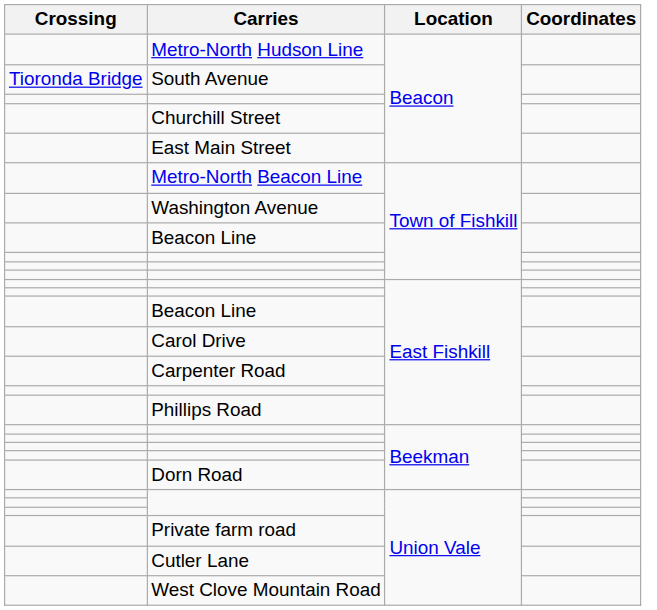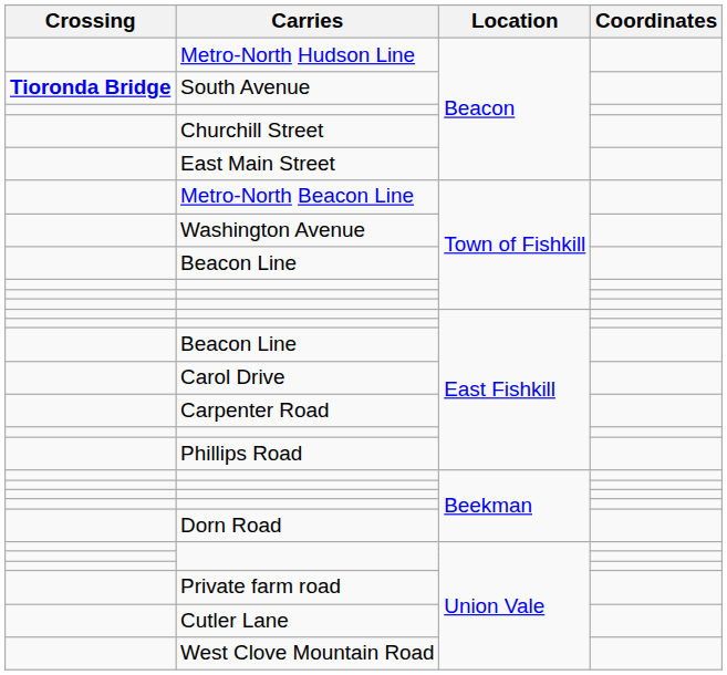 <table class=wikitable>
 <tr>
 <th>Crossing</th>
 <th>Carries</th>
 <th>Location</th>
 <th>Coordinates</th>
 </tr>
 <tr>
 <td></td>
 <td> <a href='#'>Metro-North</a> <a href='#'>Hudson Line</a></td>
 <td rowspan=5><a href='#'>Beacon</a></td>
 <td></td>
 </tr>
 <tr>
-<td><a href='#'>Tioronda Bridge</a></td>
+<td><strong><a href='#'>Tioronda Bridge</a></strong></td>
 <td>South Avenue</td>
 <td></td>
 </tr>
 <tr>
 <td></td>
 <td></td>
 <td></td>
 </tr>
 <tr>
 <td></td>
 <td>Churchill Street</td>
 <td></td>
 </tr>
 <tr>
 <td></td>
 <td>East Main Street</td>
 <td></td>
 </tr>
 <tr>
 <td></td>
 <td> <a href='#'>Metro-North</a> <a href='#'>Beacon Line</a></td>
 <td rowspan=6><a href='#'>Town of Fishkill</a></td>
 <td></td>
 </tr>
 <tr>
 <td></td>
 <td>Washington Avenue</td>
 <td></td>
 </tr>
 <tr>
 <td></td>
 <td>Beacon Line</td>
 <td></td>
 </tr>
 <tr>
 <td></td>
 <td></td>
 <td></td>
 </tr>
 <tr>
 <td></td>
 <td></td>
 <td></td>
 </tr>
 <tr>
 <td></td>
 <td></td>
 <td></td>
 </tr>
 <tr>
 <td></td>
 <td></td>
 <td rowspan=7><a href='#'>East Fishkill</a></td>
 <td></td>
 </tr>
 <tr>
 <td></td>
 <td></td>
 <td></td>
 </tr>
 <tr>
 <td></td>
 <td>Beacon Line</td>
 <td></td>
 </tr>
 <tr>
 <td></td>
 <td>Carol Drive</td>
 <td></td>
 </tr>
 <tr>
 <td></td>
 <td>Carpenter Road</td>
 <td></td>
 </tr>
 <tr>
 <td></td>
 <td></td>
 <td></td>
 </tr>
 <tr>
 <td></td>
 <td>Phillips Road</td>
 <td></td>
 </tr>
 <tr>
 <td></td>
 <td></td>
 <td rowspan=5><a href='#'>Beekman</a></td>
 <td></td>
 </tr>
 <tr>
 <td></td>
 <td></td>
 <td></td>
 </tr>
 <tr>
 <td></td>
 <td></td>
 <td></td>
 </tr>
 <tr>
 <td></td>
 <td></td>
 <td></td>
 </tr>
 <tr>
 <td></td>
 <td>Dorn Road</td>
 <td></td>
 </tr>
 <tr>
 <td></td>
 <td rowspan=3></td>
 <td rowspan=6><a href='#'>Union Vale</a></td>
 <td></td>
 </tr>
 <tr>
 <td></td>
 <td></td>
 </tr>
 <tr>
 <td></td>
 <td></td>
 </tr>
 <tr>
 <td></td>
 <td>Private farm road</td>
 <td></td>
 </tr>
 <tr>
 <td></td>
 <td>Cutler Lane</td>
 <td></td>
 </tr>
 <tr>
 <td></td>
 <td>West Clove Mountain Road</td>
 <td></td>
 </tr>
 </table>
